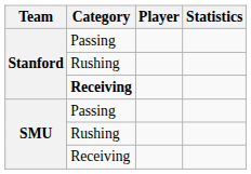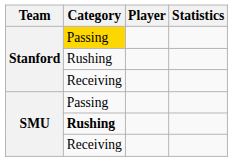 <table class="wikitable" style="float:right">
 <tr>
 <th>Team</th>
 <th>Category</th>
 <th>Player</th>
 <th>Statistics</th>
 </tr>
 <tr>
 <th rowspan=3>Stanford</th>
-<td>Passing</td>
-<td></td>
-<td></td>
-</tr>
-<tr>
-<td>Rushing</td>
-<td></td>
-<td></td>
-</tr>
-<tr>
-<td><strong>Receiving</strong></td>
-<td></td>
-<td></td>
-</tr>
-<tr>
-<th rowspan=3>SMU</th>
-<td>Passing</td>
+<td style="background: gold;">Passing</td>
 <td></td>
 <td></td>
 </tr>
 <tr>
 <td>Rushing</td>
 <td></td>
 <td></td>
 </tr>
 <tr>
 <td>Receiving</td>
 <td></td>
 <td></td>
 </tr>
+<tr>
+<th rowspan=3>SMU</th>
+<td>Passing</td>
+<td></td>
+<td></td>
+</tr>
+<tr>
+<td><strong>Rushing</strong></td>
+<td></td>
+<td></td>
+</tr>
+<tr>
+<td>Receiving</td>
+<td></td>
+<td></td>
+</tr>
 </table>
